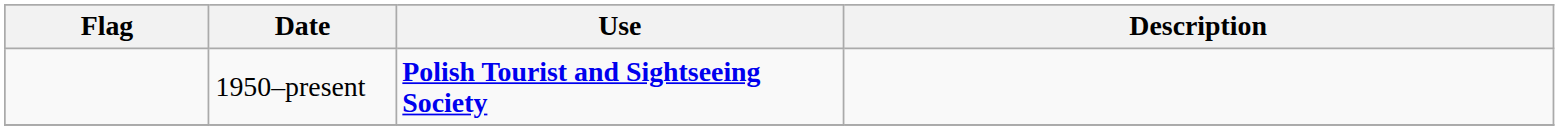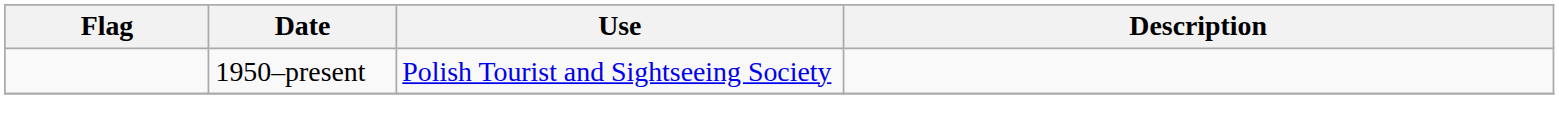 <table class="wikitable">
 <tr>
 <th style="width:110px;">Flag</th>
 <th style="width:100px;">Date</th>
 <th style="width:250px;">Use</th>
 <th style="width:400px;">Description</th>
 </tr>
 <tr>
 <td></td>
 <td>1950–present</td>
-<td><strong><a href='#'>Polish Tourist and Sightseeing Society</a></strong></td>
+<td><a href='#'>Polish Tourist and Sightseeing Society</a></td>
 <td></td>
 </tr>
 <tr>
 </tr>
 </table>
